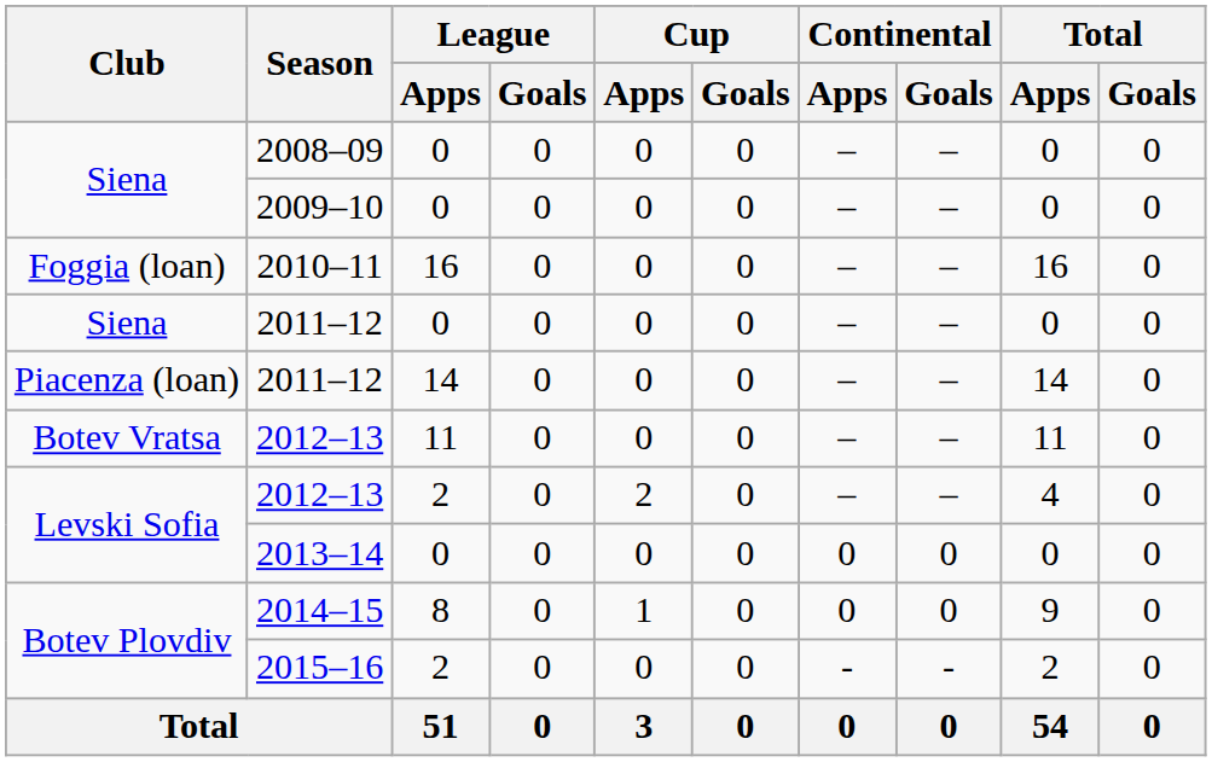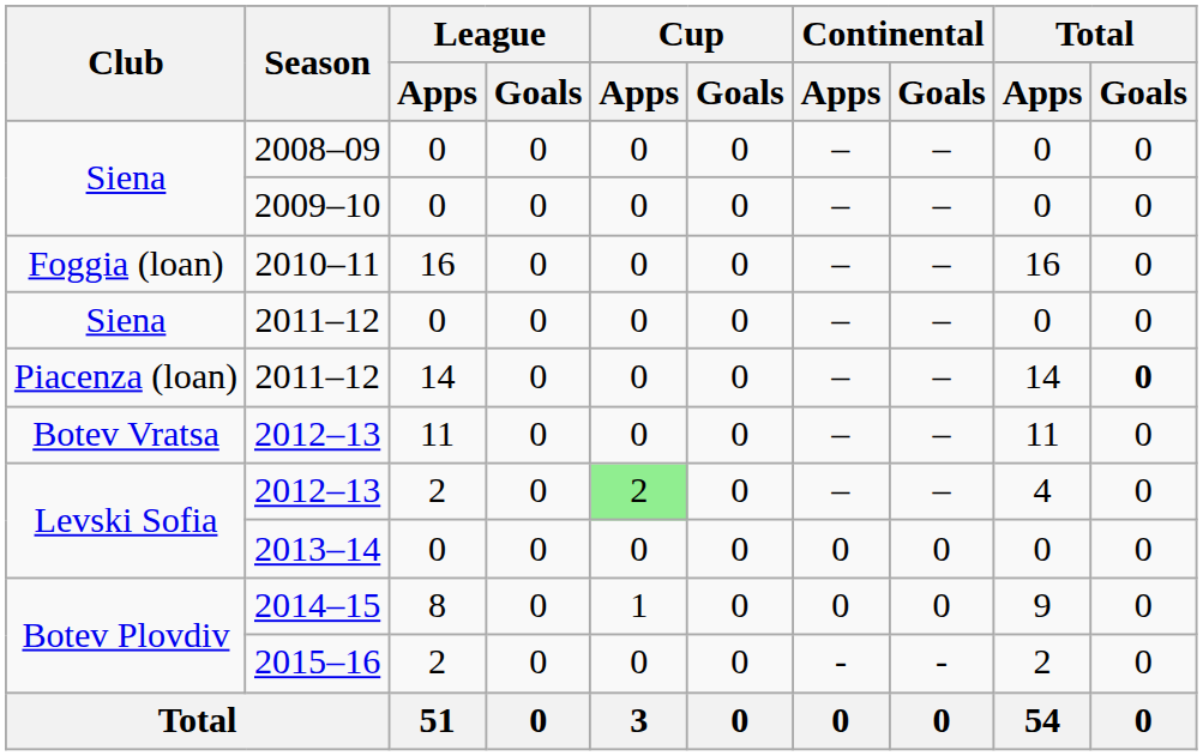 <table class="wikitable" style="text-align: center;">
 <tr>
 <th rowspan="2">Club</th>
 <th rowspan="2">Season</th>
 <th colspan="2">League</th>
 <th colspan="2">Cup</th>
 <th colspan="2">Continental</th>
 <th colspan="2">Total</th>
 </tr>
 <tr>
 <th>Apps</th>
 <th>Goals</th>
 <th>Apps</th>
 <th>Goals</th>
 <th>Apps</th>
 <th>Goals</th>
 <th>Apps</th>
 <th>Goals</th>
 </tr>
 <tr>
 <td rowspan="2"><a href='#'>Siena</a></td>
 <td>2008–09</td>
 <td>0</td>
 <td>0</td>
 <td>0</td>
 <td>0</td>
 <td>–</td>
 <td>–</td>
 <td>0</td>
 <td>0</td>
 </tr>
 <tr>
 <td>2009–10</td>
 <td>0</td>
 <td>0</td>
 <td>0</td>
 <td>0</td>
 <td>–</td>
 <td>–</td>
 <td>0</td>
 <td>0</td>
 </tr>
 <tr>
 <td rowspan="1"><a href='#'>Foggia</a> (loan)</td>
 <td>2010–11</td>
 <td>16</td>
 <td>0</td>
 <td>0</td>
 <td>0</td>
 <td>–</td>
 <td>–</td>
 <td>16</td>
 <td>0</td>
 </tr>
 <tr>
 <td rowspan="1"><a href='#'>Siena</a></td>
 <td>2011–12</td>
 <td>0</td>
 <td>0</td>
 <td>0</td>
 <td>0</td>
 <td>–</td>
 <td>–</td>
 <td>0</td>
 <td>0</td>
 </tr>
 <tr>
 <td rowspan="1"><a href='#'>Piacenza</a> (loan)</td>
 <td>2011–12</td>
 <td>14</td>
 <td>0</td>
 <td>0</td>
 <td>0</td>
 <td>–</td>
 <td>–</td>
 <td>14</td>
-<td>0</td>
+<td><strong>0</strong></td>
 </tr>
 <tr>
 <td rowspan="1"><a href='#'>Botev Vratsa</a></td>
 <td><a href='#'>2012–13</a></td>
 <td>11</td>
 <td>0</td>
 <td>0</td>
 <td>0</td>
 <td>–</td>
 <td>–</td>
 <td>11</td>
 <td>0</td>
 </tr>
 <tr>
 <td rowspan="2"><a href='#'>Levski Sofia</a></td>
 <td><a href='#'>2012–13</a></td>
 <td>2</td>
 <td>0</td>
-<td>2</td>
+<td style="background: lightgreen;">2</td>
 <td>0</td>
 <td>–</td>
 <td>–</td>
 <td>4</td>
 <td>0</td>
 </tr>
 <tr>
 <td><a href='#'>2013–14</a></td>
 <td>0</td>
 <td>0</td>
 <td>0</td>
 <td>0</td>
 <td>0</td>
 <td>0</td>
 <td>0</td>
 <td>0</td>
 </tr>
 <tr>
 <td rowspan="2"><a href='#'>Botev Plovdiv</a></td>
 <td><a href='#'>2014–15</a></td>
 <td>8</td>
 <td>0</td>
 <td>1</td>
 <td>0</td>
 <td>0</td>
 <td>0</td>
 <td>9</td>
 <td>0</td>
 </tr>
 <tr>
 <td><a href='#'>2015–16</a></td>
 <td>2</td>
 <td>0</td>
 <td>0</td>
 <td>0</td>
 <td>-</td>
 <td>-</td>
 <td>2</td>
 <td>0</td>
 </tr>
 <tr>
 <th colspan="2">Total</th>
 <th>51</th>
 <th>0</th>
 <th>3</th>
 <th>0</th>
 <th>0</th>
 <th>0</th>
 <th>54</th>
 <th>0</th>
 </tr>
 </table>
